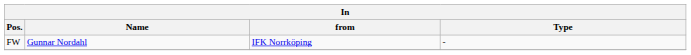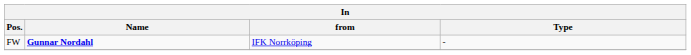 <table class="wikitable" style="font-size:90%;">
 <tr>
 <th colspan="4">In</th>
 </tr>
 <tr>
 <th width=3%>Pos.</th>
 <th width=33%>Name</th>
 <th width=28%>from</th>
 <th width=36%>Type</th>
 </tr>
 <tr>
 <td>FW</td>
-<td><a href='#'>Gunnar Nordahl</a></td>
+<td><strong><a href='#'>Gunnar Nordahl</a></strong></td>
 <td><a href='#'>IFK Norrköping</a></td>
 <td>-</td>
 </tr>
 <tr>
 </tr>
 </table>
